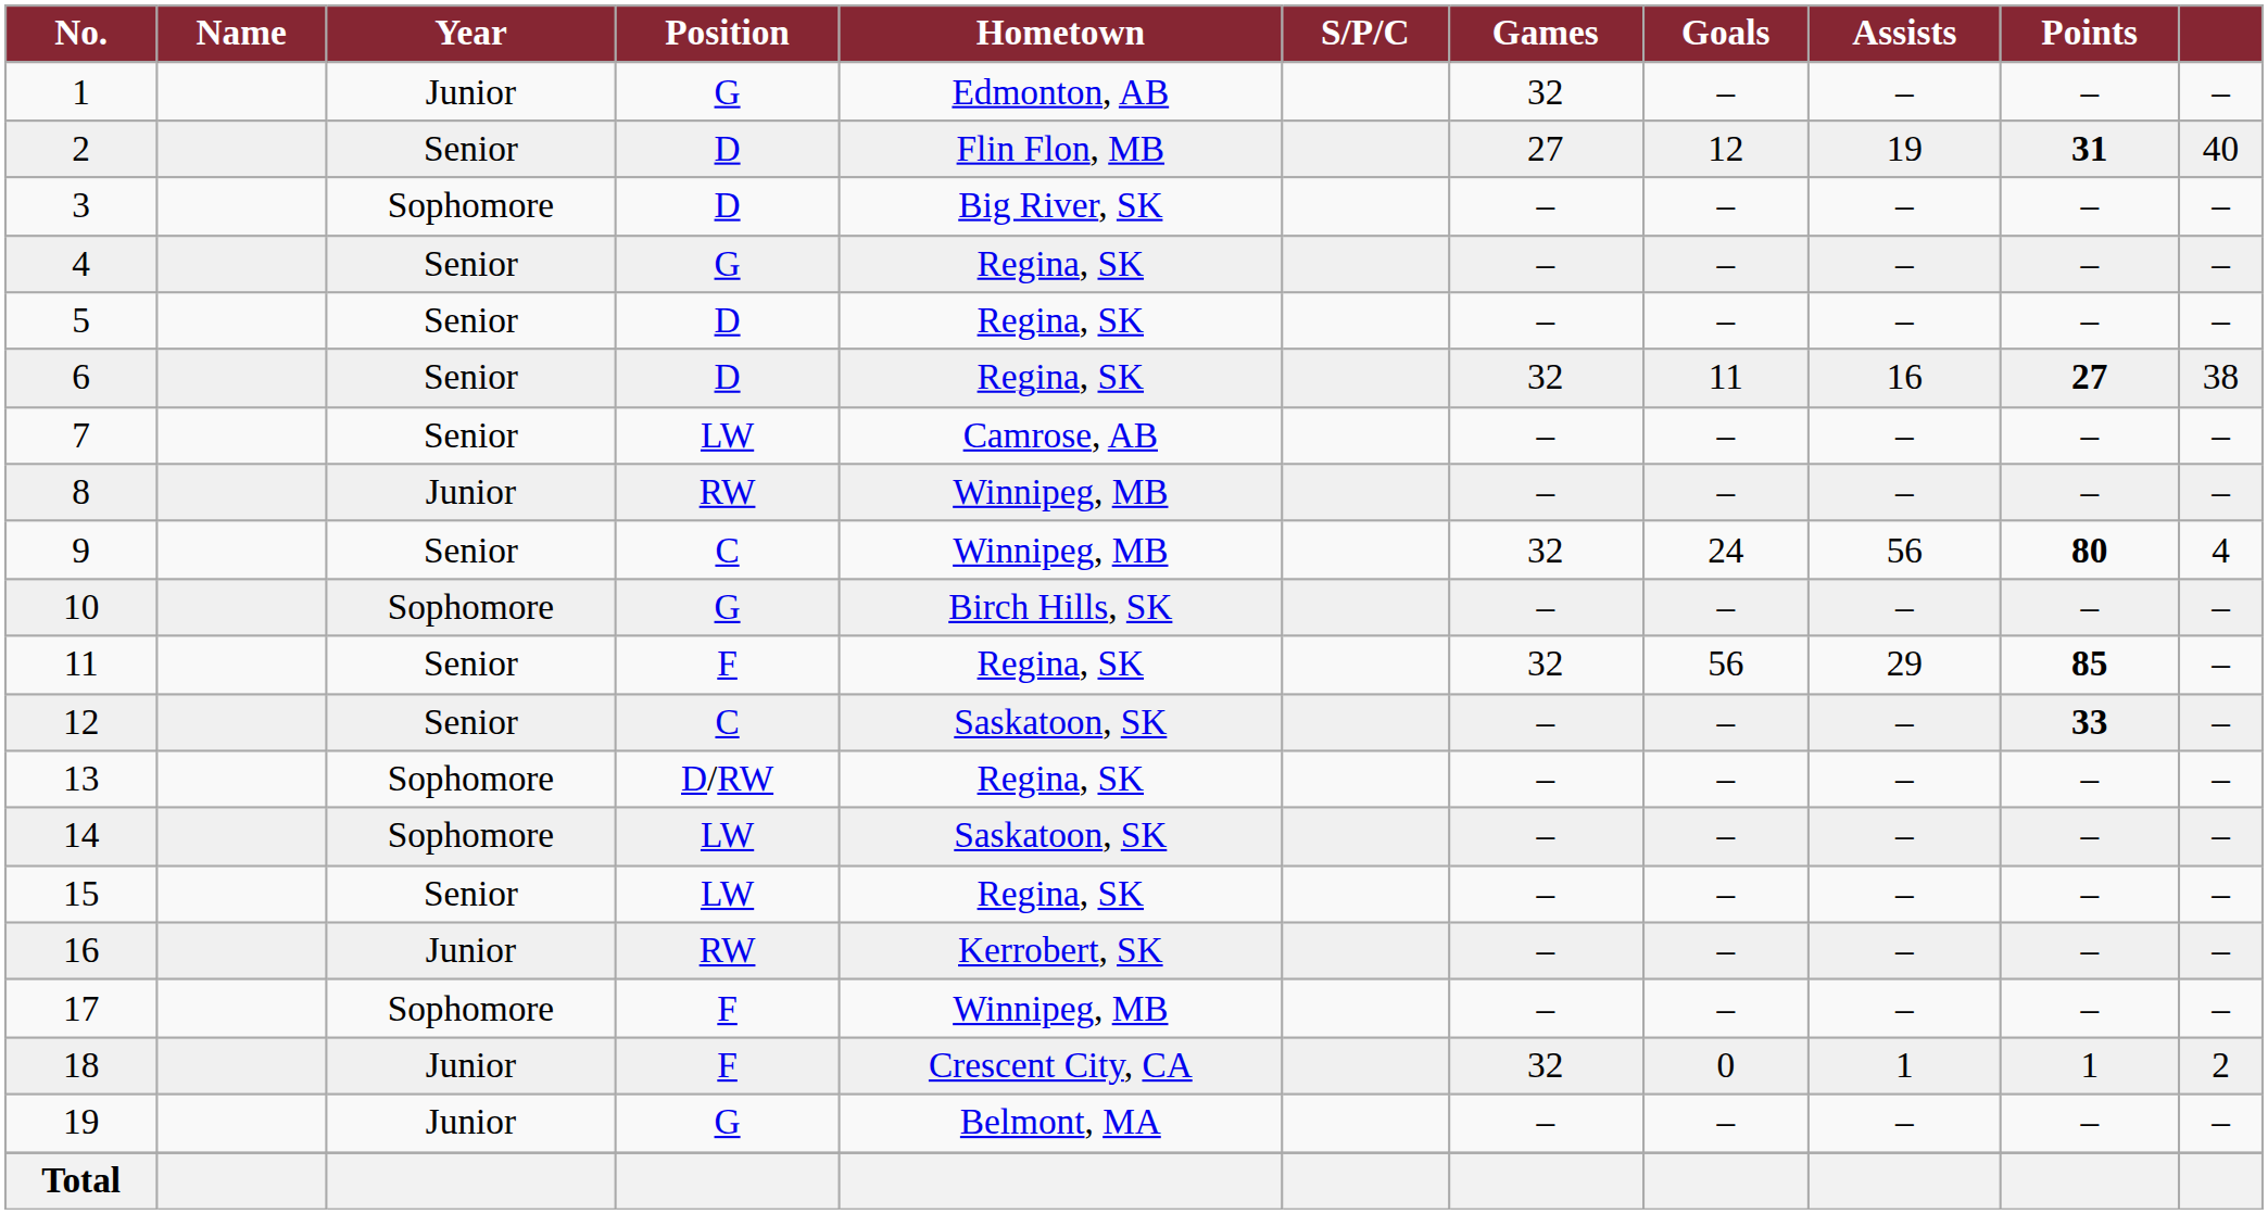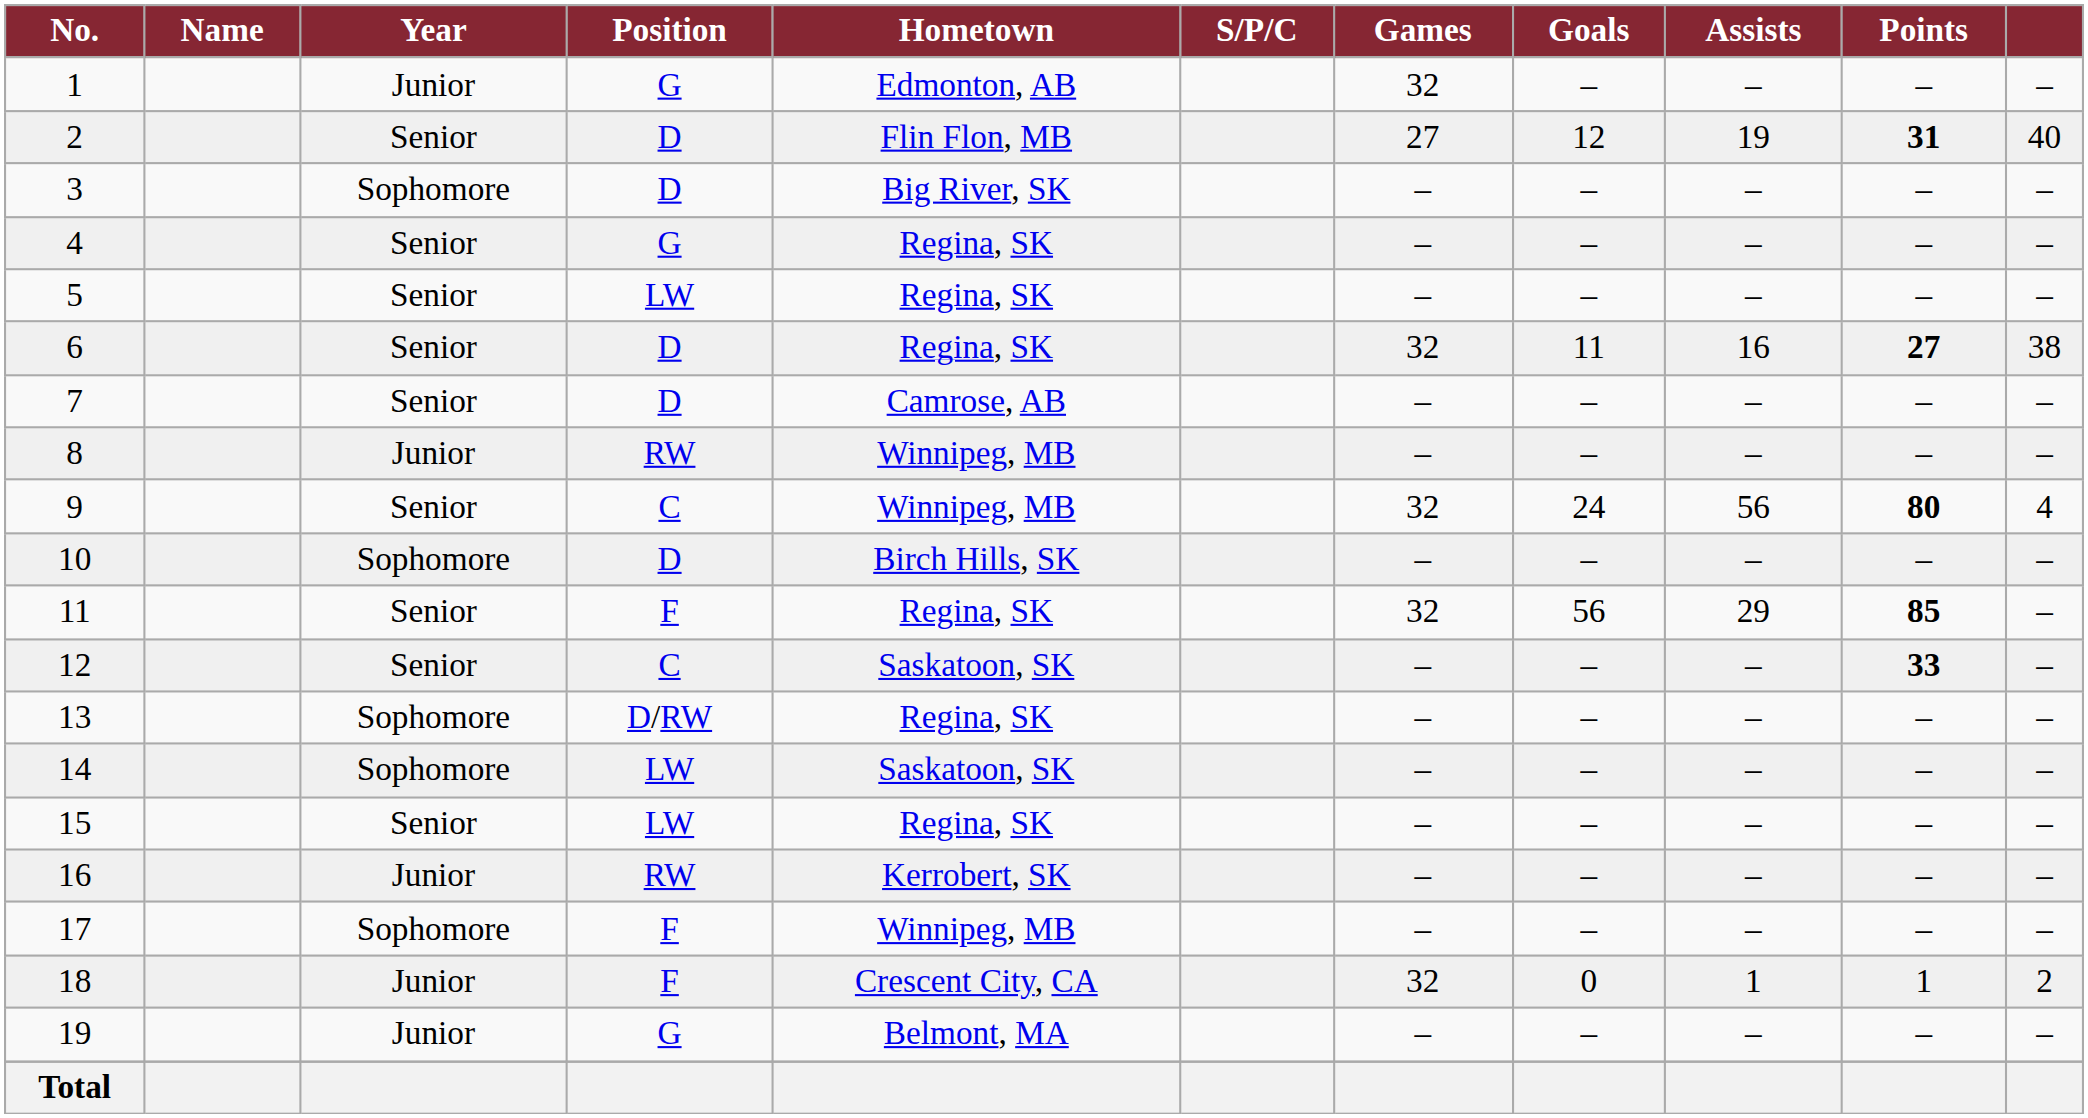 <table class="wikitable sortable" width ="1000">
 <tr align="center">
 <th style="color:white; background:#862633; ">No.</th>
 <th style="color:white; background:#862633; ">Name</th>
 <th style="color:white; background:#862633; ">Year</th>
 <th style="color:white; background:#862633; ">Position</th>
 <th style="color:white; background:#862633; ">Hometown</th>
 <th style="color:white; background:#862633; ">S/P/C</th>
 <th style="color:white; background:#862633; ">Games</th>
 <th style="color:white; background:#862633; ">Goals</th>
 <th style="color:white; background:#862633; ">Assists</th>
 <th style="color:white; background:#862633; ">Points</th>
 <th style="color:white; background:#862633; "><a href='#'></a></th>
 </tr>
 <tr align="center" bgcolor="">
 <td>1</td>
 <td></td>
 <td>Junior</td>
 <td><a href='#'>G</a></td>
 <td><a href='#'>Edmonton</a>, <a href='#'>AB</a></td>
 <td></td>
 <td>32</td>
 <td>–</td>
 <td>–</td>
 <td>–</td>
 <td>–</td>
 </tr>
 <tr align="center" bgcolor="#f0f0f0">
 <td>2</td>
 <td></td>
 <td>Senior</td>
 <td><a href='#'>D</a></td>
 <td><a href='#'>Flin Flon</a>, <a href='#'>MB</a></td>
 <td></td>
 <td>27</td>
 <td>12</td>
 <td>19</td>
 <td><strong>31</strong></td>
 <td>40</td>
 </tr>
 <tr align="center">
 <td>3</td>
 <td></td>
 <td>Sophomore</td>
 <td><a href='#'>D</a></td>
 <td><a href='#'>Big River</a>, <a href='#'>SK</a></td>
 <td></td>
 <td>–</td>
 <td>–</td>
 <td>–</td>
 <td>–</td>
 <td>–</td>
 </tr>
 <tr align="center" bgcolor="#f0f0f0">
 <td>4</td>
 <td></td>
 <td>Senior</td>
 <td><a href='#'>G</a></td>
 <td><a href='#'>Regina</a>, <a href='#'>SK</a></td>
 <td></td>
 <td>–</td>
 <td>–</td>
 <td>–</td>
 <td>–</td>
 <td>–</td>
 </tr>
 <tr align="center">
 <td>5</td>
 <td></td>
 <td>Senior</td>
-<td><a href='#'>D</a></td>
+<td><a href='#'>LW</a></td>
 <td><a href='#'>Regina</a>, <a href='#'>SK</a></td>
 <td></td>
 <td>–</td>
 <td>–</td>
 <td>–</td>
 <td>–</td>
 <td>–</td>
 </tr>
 <tr align="center" bgcolor="#f0f0f0">
 <td>6</td>
 <td></td>
 <td>Senior</td>
 <td><a href='#'>D</a></td>
 <td><a href='#'>Regina</a>, <a href='#'>SK</a></td>
 <td></td>
 <td>32</td>
 <td>11</td>
 <td>16</td>
 <td><strong>27</strong></td>
 <td>38</td>
 </tr>
 <tr align="center">
 <td>7</td>
 <td></td>
 <td>Senior</td>
-<td><a href='#'>LW</a></td>
+<td><a href='#'>D</a></td>
 <td><a href='#'>Camrose</a>, <a href='#'>AB</a></td>
 <td></td>
 <td>–</td>
 <td>–</td>
 <td>–</td>
 <td>–</td>
 <td>–</td>
 </tr>
 <tr align="center" bgcolor="#f0f0f0">
 <td>8</td>
 <td></td>
 <td>Junior</td>
 <td><a href='#'>RW</a></td>
 <td><a href='#'>Winnipeg</a>, <a href='#'>MB</a></td>
 <td></td>
 <td>–</td>
 <td>–</td>
 <td>–</td>
 <td>–</td>
 <td>–</td>
 </tr>
 <tr align="center">
 <td>9</td>
 <td></td>
 <td>Senior</td>
 <td><a href='#'>C</a></td>
 <td><a href='#'>Winnipeg</a>, <a href='#'>MB</a></td>
 <td></td>
 <td>32</td>
 <td>24</td>
 <td>56</td>
 <td><strong>80</strong></td>
 <td>4</td>
 </tr>
 <tr align="center" bgcolor="#f0f0f0">
 <td>10</td>
 <td></td>
 <td>Sophomore</td>
-<td><a href='#'>G</a></td>
+<td><a href='#'>D</a></td>
 <td><a href='#'>Birch Hills</a>, <a href='#'>SK</a></td>
 <td></td>
 <td>–</td>
 <td>–</td>
 <td>–</td>
 <td>–</td>
 <td>–</td>
 </tr>
 <tr align="center">
 <td>11</td>
 <td></td>
 <td>Senior</td>
 <td><a href='#'>F</a></td>
 <td><a href='#'>Regina</a>, <a href='#'>SK</a></td>
 <td></td>
 <td>32</td>
 <td>56</td>
 <td>29</td>
 <td><strong>85</strong></td>
 <td>–</td>
 </tr>
 <tr align="center" bgcolor="#f0f0f0">
 <td>12</td>
 <td></td>
 <td>Senior</td>
 <td><a href='#'>C</a></td>
 <td><a href='#'>Saskatoon</a>, <a href='#'>SK</a></td>
 <td></td>
 <td>–</td>
 <td>–</td>
 <td>–</td>
 <td><strong>33</strong></td>
 <td>–</td>
 </tr>
 <tr align="center">
 <td>13</td>
 <td></td>
 <td>Sophomore</td>
 <td><a href='#'>D</a>/<a href='#'>RW</a></td>
 <td><a href='#'>Regina</a>, <a href='#'>SK</a></td>
 <td></td>
 <td>–</td>
 <td>–</td>
 <td>–</td>
 <td>–</td>
 <td>–</td>
 </tr>
 <tr align="center" bgcolor="#f0f0f0">
 <td>14</td>
 <td></td>
 <td>Sophomore</td>
 <td><a href='#'>LW</a></td>
 <td><a href='#'>Saskatoon</a>, <a href='#'>SK</a></td>
 <td></td>
 <td>–</td>
 <td>–</td>
 <td>–</td>
 <td>–</td>
 <td>–</td>
 </tr>
 <tr align="center">
 <td>15</td>
 <td></td>
 <td>Senior</td>
 <td><a href='#'>LW</a></td>
 <td><a href='#'>Regina</a>, <a href='#'>SK</a></td>
 <td></td>
 <td>–</td>
 <td>–</td>
 <td>–</td>
 <td>–</td>
 <td>–</td>
 </tr>
 <tr align="center" bgcolor="#f0f0f0">
 <td>16</td>
 <td></td>
 <td>Junior</td>
 <td><a href='#'>RW</a></td>
 <td><a href='#'>Kerrobert</a>, <a href='#'>SK</a></td>
 <td></td>
 <td>–</td>
 <td>–</td>
 <td>–</td>
 <td>–</td>
 <td>–</td>
 </tr>
 <tr align="center">
 <td>17</td>
 <td></td>
 <td>Sophomore</td>
 <td><a href='#'>F</a></td>
 <td><a href='#'>Winnipeg</a>, <a href='#'>MB</a></td>
 <td></td>
 <td>–</td>
 <td>–</td>
 <td>–</td>
 <td>–</td>
 <td>–</td>
 </tr>
 <tr align="center" bgcolor="#f0f0f0">
 <td>18</td>
 <td></td>
 <td>Junior</td>
 <td><a href='#'>F</a></td>
 <td><a href='#'>Crescent City</a>, <a href='#'>CA</a></td>
 <td></td>
 <td>32</td>
 <td>0</td>
 <td>1</td>
 <td>1</td>
 <td>2</td>
 </tr>
 <tr align="center">
 <td>19</td>
 <td></td>
 <td>Junior</td>
 <td><a href='#'>G</a></td>
 <td><a href='#'>Belmont</a>, <a href='#'>MA</a></td>
 <td></td>
 <td>–</td>
 <td>–</td>
 <td>–</td>
 <td>–</td>
 <td>–</td>
 </tr>
 <tr align="center" bgcolor="#f0f0f0">
 </tr>
 <tr>
 <th>Total</th>
 <th></th>
 <th></th>
 <th></th>
 <th></th>
 <th></th>
 <th></th>
 <th></th>
 <th></th>
 <th></th>
 <th></th>
 </tr>
 </table>
